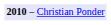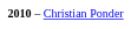 <table cellpadding="3" style="font-size:.9em">
 <tr>
 </tr>
 <tr>
 </tr>
 <tr style="vertical-align:top;">
-<td style="background: lavender;"><strong>2010</strong> – <a href='#'>Christian Ponder</a></td>
+<td><strong>2010</strong> – <a href='#'>Christian Ponder</a></td>
 </tr>
 </table>
